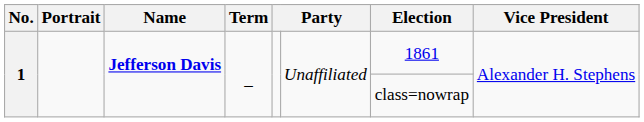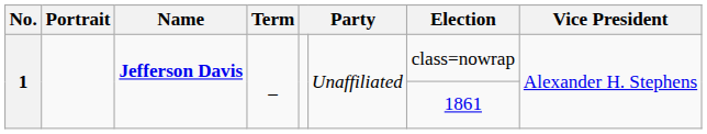 <table class="wikitable" style="text-align:center;">
 <tr>
 <th scope="col"><abbr>No.</abbr></th>
 <th scope="col">Portrait</th>
 <th scope="col">Name<br></th>
 <th scope="col">Term</th>
 <th scope="col" colspan=2>Party</th>
 <th scope="col">Election</th>
 <th scope="col">Vice President</th>
 </tr>
 <tr>
 <th scope="row" rowspan=2>1</th>
 <td rowspan=2></td>
 <td rowspan=2><strong><a href='#'>Jefferson Davis</a></strong><br><br></td>
 <td rowspan=2><br><br>–<br><br></td>
 <td rowspan=2 style="background-color:"></td>
 <td rowspan=2><em>Unaffiliated</em><br></td>
-<td><a href='#'>1861</a></td>
+<td>class=nowrap </td>
 <td rowspan=2><a href='#'>Alexander H. Stephens</a></td>
 </tr>
 <tr>
-<td>class=nowrap </td>
+<td><a href='#'>1861</a></td>
 </tr>
 </table>
